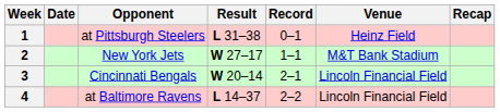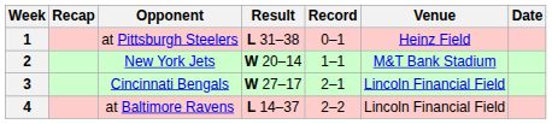 <table class="wikitable" style="text-align:center">
 <tr>
 <th>Week</th>
-<th>Date</th>
+<th>Recap</th>
 <th>Opponent</th>
 <th>Result</th>
 <th>Record</th>
 <th>Venue</th>
-<th>Recap</th>
+<th>Date</th>
 </tr>
 <tr style="background:#fcc">
 <th>1</th>
 <td></td>
 <td>at <a href='#'>Pittsburgh Steelers</a></td>
 <td><strong>L</strong> 31–38</td>
 <td>0–1</td>
 <td><a href='#'>Heinz Field</a></td>
 <td></td>
 </tr>
 <tr style="background:#cfc">
 <th>2</th>
 <td></td>
 <td><a href='#'>New York Jets</a></td>
-<td><strong>W</strong> 27–17</td>
+<td><strong>W</strong> 20–14</td>
 <td>1–1</td>
 <td><a href='#'>M&T Bank Stadium</a></td>
 <td></td>
 </tr>
 <tr style="background:#cfc">
 <th>3</th>
 <td></td>
 <td><a href='#'>Cincinnati Bengals</a></td>
-<td><strong>W</strong> 20–14</td>
+<td><strong>W</strong> 27–17</td>
 <td>2–1</td>
 <td><a href='#'>Lincoln Financial Field</a></td>
 <td></td>
 </tr>
 <tr style="background:#fcc">
 <th>4</th>
 <td></td>
 <td>at <a href='#'>Baltimore Ravens</a></td>
 <td><strong>L</strong> 14–37</td>
 <td>2–2</td>
 <td>Lincoln Financial Field</td>
 <td></td>
 </tr>
 </table>
